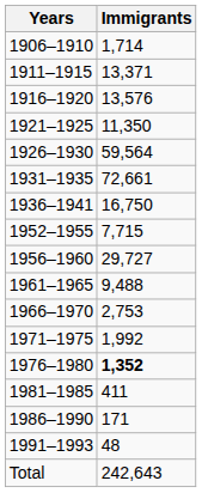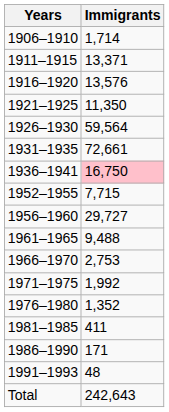 <table class="wikitable">
 <tr>
 <th>Years</th>
 <th>Immigrants</th>
 </tr>
 <tr>
 <td>1906–1910</td>
 <td>1,714</td>
 </tr>
 <tr>
 <td>1911–1915</td>
 <td>13,371</td>
 </tr>
 <tr>
 <td>1916–1920</td>
 <td>13,576</td>
 </tr>
 <tr>
 <td>1921–1925</td>
 <td>11,350</td>
 </tr>
 <tr>
 <td>1926–1930</td>
 <td>59,564</td>
 </tr>
 <tr>
 <td>1931–1935</td>
 <td>72,661</td>
 </tr>
 <tr>
 <td>1936–1941</td>
-<td>16,750</td>
+<td style="background: pink;">16,750</td>
 </tr>
 <tr>
 <td>1952–1955</td>
 <td>7,715</td>
 </tr>
 <tr>
 <td>1956–1960</td>
 <td>29,727</td>
 </tr>
 <tr>
 <td>1961–1965</td>
 <td>9,488</td>
 </tr>
 <tr>
 <td>1966–1970</td>
 <td>2,753</td>
 </tr>
 <tr>
 <td>1971–1975</td>
 <td>1,992</td>
 </tr>
 <tr>
 <td>1976–1980</td>
-<td><strong>1,352</strong></td>
+<td>1,352</td>
 </tr>
 <tr>
 <td>1981–1985</td>
 <td>411</td>
 </tr>
 <tr>
 <td>1986–1990</td>
 <td>171</td>
 </tr>
 <tr>
 <td>1991–1993</td>
 <td>48</td>
 </tr>
 <tr>
 <td>Total</td>
 <td>242,643</td>
 </tr>
 </table>
